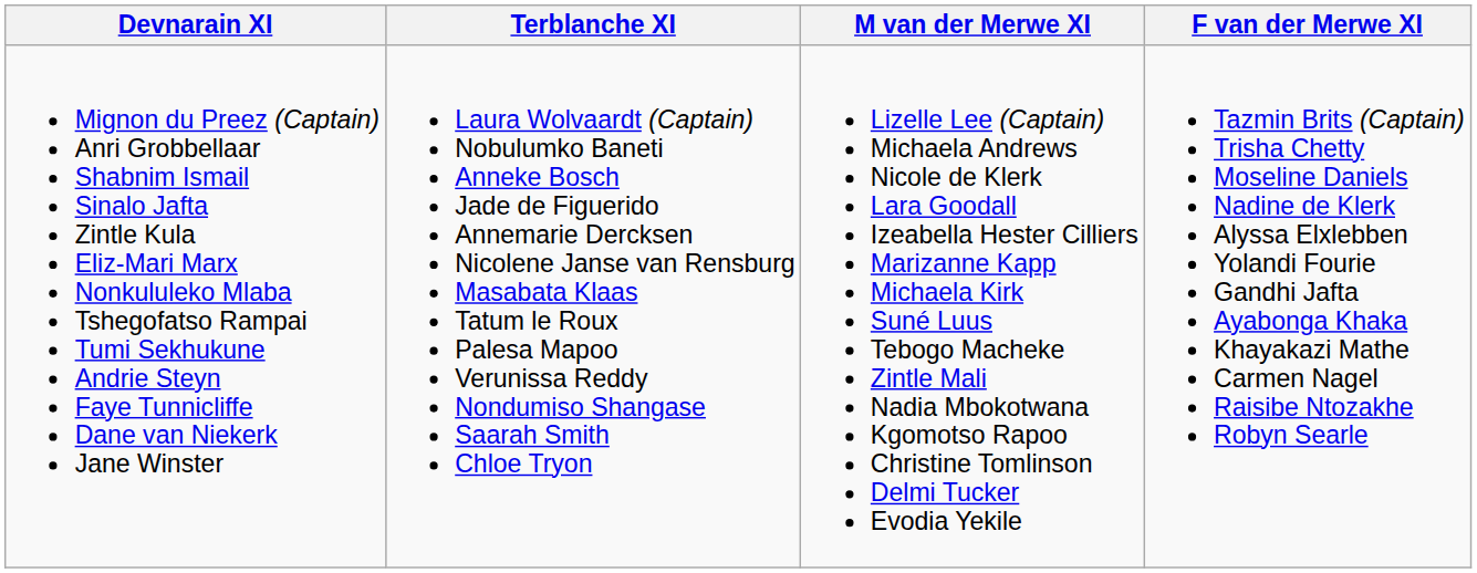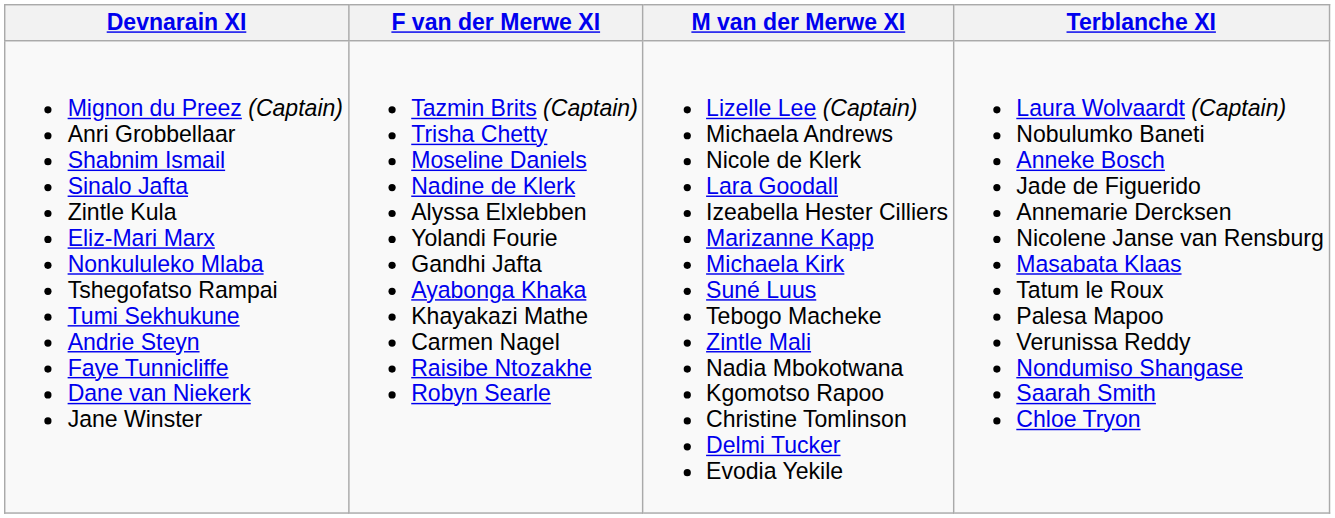 <table class="wikitable">
 <tr>
 <th><a href='#'>Devnarain XI</a><br><small></small></th>
+<th><a href='#'>F van der Merwe XI</a><br><small></small></th>
+<th><a href='#'>M van der Merwe XI</a><br><small></small></th>
 <th><a href='#'>Terblanche XI</a><br><small></small></th>
-<th><a href='#'>M van der Merwe XI</a><br><small></small></th>
-<th><a href='#'>F van der Merwe XI</a><br><small></small></th>
 </tr>
 <tr>
 <td valign=top><br><ul><li><a href='#'>Mignon du Preez</a> <em>(Captain)</em></li><li>Anri Grobbellaar</li><li><a href='#'>Shabnim Ismail</a></li><li><a href='#'>Sinalo Jafta</a></li><li>Zintle Kula</li><li><a href='#'>Eliz-Mari Marx</a></li><li><a href='#'>Nonkululeko Mlaba</a></li><li>Tshegofatso Rampai</li><li><a href='#'>Tumi Sekhukune</a></li><li><a href='#'>Andrie Steyn</a></li><li><a href='#'>Faye Tunnicliffe</a></li><li><a href='#'>Dane van Niekerk</a></li><li>Jane Winster</li></ul></td>
+<td valign=top><br><ul><li><a href='#'>Tazmin Brits</a> <em>(Captain)</em></li><li><a href='#'>Trisha Chetty</a></li><li><a href='#'>Moseline Daniels</a></li><li><a href='#'>Nadine de Klerk</a></li><li>Alyssa Elxlebben</li><li>Yolandi Fourie</li><li>Gandhi Jafta</li><li><a href='#'>Ayabonga Khaka</a></li><li>Khayakazi Mathe</li><li>Carmen Nagel</li><li><a href='#'>Raisibe Ntozakhe</a></li><li><a href='#'>Robyn Searle</a></li></ul></td>
+<td valign=top><br><ul><li><a href='#'>Lizelle Lee</a> <em>(Captain)</em></li><li>Michaela Andrews</li><li>Nicole de Klerk</li><li><a href='#'>Lara Goodall</a></li><li>Izeabella Hester Cilliers</li><li><a href='#'>Marizanne Kapp</a></li><li><a href='#'>Michaela Kirk</a></li><li><a href='#'>Suné Luus</a></li><li>Tebogo Macheke</li><li><a href='#'>Zintle Mali</a></li><li>Nadia Mbokotwana</li><li>Kgomotso Rapoo</li><li>Christine Tomlinson</li><li><a href='#'>Delmi Tucker</a></li><li>Evodia Yekile</li></ul></td>
 <td valign=top><br><ul><li><a href='#'>Laura Wolvaardt</a> <em>(Captain)</em></li><li>Nobulumko Baneti</li><li><a href='#'>Anneke Bosch</a></li><li>Jade de Figuerido</li><li>Annemarie Dercksen</li><li>Nicolene Janse van Rensburg</li><li><a href='#'>Masabata Klaas</a></li><li>Tatum le Roux</li><li>Palesa Mapoo</li><li>Verunissa Reddy</li><li><a href='#'>Nondumiso Shangase</a></li><li><a href='#'>Saarah Smith</a></li><li><a href='#'>Chloe Tryon</a></li></ul></td>
-<td valign=top><br><ul><li><a href='#'>Lizelle Lee</a> <em>(Captain)</em></li><li>Michaela Andrews</li><li>Nicole de Klerk</li><li><a href='#'>Lara Goodall</a></li><li>Izeabella Hester Cilliers</li><li><a href='#'>Marizanne Kapp</a></li><li><a href='#'>Michaela Kirk</a></li><li><a href='#'>Suné Luus</a></li><li>Tebogo Macheke</li><li><a href='#'>Zintle Mali</a></li><li>Nadia Mbokotwana</li><li>Kgomotso Rapoo</li><li>Christine Tomlinson</li><li><a href='#'>Delmi Tucker</a></li><li>Evodia Yekile</li></ul></td>
-<td valign=top><br><ul><li><a href='#'>Tazmin Brits</a> <em>(Captain)</em></li><li><a href='#'>Trisha Chetty</a></li><li><a href='#'>Moseline Daniels</a></li><li><a href='#'>Nadine de Klerk</a></li><li>Alyssa Elxlebben</li><li>Yolandi Fourie</li><li>Gandhi Jafta</li><li><a href='#'>Ayabonga Khaka</a></li><li>Khayakazi Mathe</li><li>Carmen Nagel</li><li><a href='#'>Raisibe Ntozakhe</a></li><li><a href='#'>Robyn Searle</a></li></ul></td>
 </tr>
 </table>
